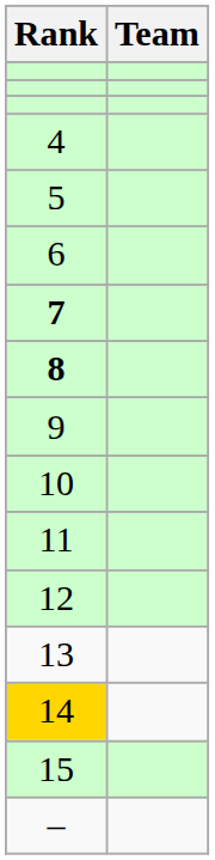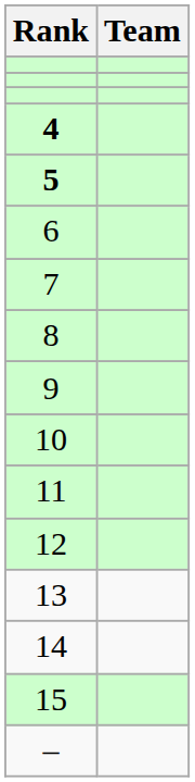 <table class=wikitable style="text-align: center;">
 <tr>
 <th>Rank</th>
 <th>Team</th>
 </tr>
 <tr bgcolor=ccffcc>
 <td></td>
 <td align=left></td>
 </tr>
 <tr bgcolor=ccffcc>
 <td></td>
 <td align=left></td>
 </tr>
 <tr bgcolor=ccffcc>
 <td></td>
 <td align=left></td>
 </tr>
 <tr bgcolor=ccffcc>
-<td>4</td>
+<td><strong>4</strong></td>
 <td align=left></td>
 </tr>
 <tr bgcolor=ccffcc>
-<td>5</td>
+<td><strong>5</strong></td>
 <td align=left></td>
 </tr>
 <tr bgcolor=ccffcc>
 <td>6</td>
 <td align=left></td>
 </tr>
 <tr bgcolor=ccffcc>
-<td><strong>7</strong></td>
+<td>7</td>
 <td align=left></td>
 </tr>
 <tr bgcolor=ccffcc>
-<td><strong>8</strong></td>
+<td>8</td>
 <td align=left></td>
 </tr>
 <tr bgcolor=ccffcc>
 <td>9</td>
 <td align=left></td>
 </tr>
 <tr bgcolor=ccffcc>
 <td>10</td>
 <td align=left></td>
 </tr>
 <tr bgcolor=ccffcc>
 <td>11</td>
 <td align=left></td>
 </tr>
 <tr bgcolor=ccffcc>
 <td>12</td>
 <td align=left></td>
 </tr>
 <tr>
 <td>13</td>
 <td align=left></td>
 </tr>
 <tr>
-<td style="background: gold;">14</td>
+<td>14</td>
 <td align=left></td>
 </tr>
 <tr bgcolor=ccffcc>
 <td>15</td>
 <td align=left></td>
 </tr>
 <tr>
 <td>–</td>
 <td align=left></td>
 </tr>
 </table>
